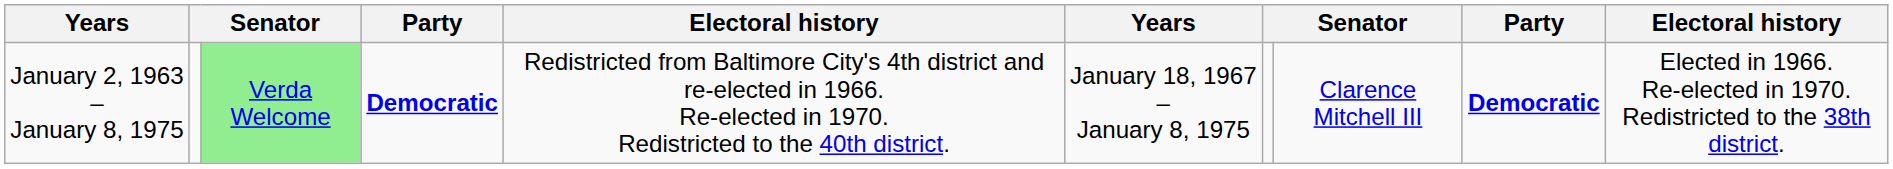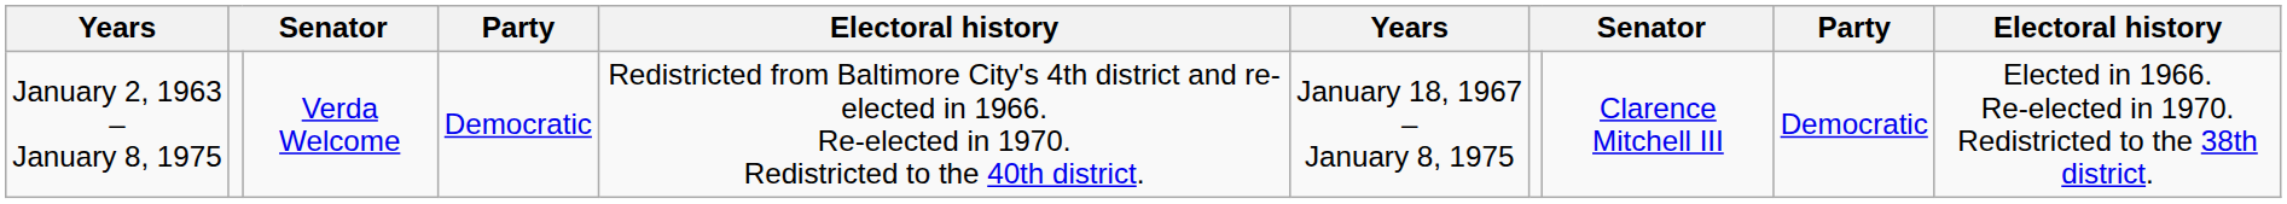 <table class=wikitable style="text-align:center">
 <tr valign=bottom>
 <th>Years</th>
 <th colspan=2>Senator</th>
 <th>Party</th>
 <th>Electoral history</th>
 <th>Years</th>
 <th colspan=2>Senator</th>
 <th>Party</th>
 <th>Electoral history</th>
 </tr>
 <tr>
 <td nowrap><span>January 2, 1963</span><br>–<br><span>January 8, 1975</span></td>
 <td></td>
-<td style="background: lightgreen;"><a href='#'>Verda Welcome</a></td>
-<td><strong><a href='#'>Democratic</a></strong></td>
+<td><a href='#'>Verda Welcome</a></td>
+<td><a href='#'>Democratic</a></td>
 <td>Redistricted from Baltimore City's 4th district and re-elected in 1966.<br>Re-elected in 1970.<br>Redistricted to the <a href='#'>40th district</a>.</td>
 <td nowrap><span>January 18, 1967</span><br>–<br><span>January 8, 1975</span></td>
 <td align=left></td>
 <td><a href='#'>Clarence Mitchell III</a></td>
-<td><strong><a href='#'>Democratic</a></strong></td>
+<td><a href='#'>Democratic</a></td>
 <td>Elected in 1966.<br>Re-elected in 1970.<br>Redistricted to the <a href='#'>38th district</a>.</td>
 </tr>
 </table>
